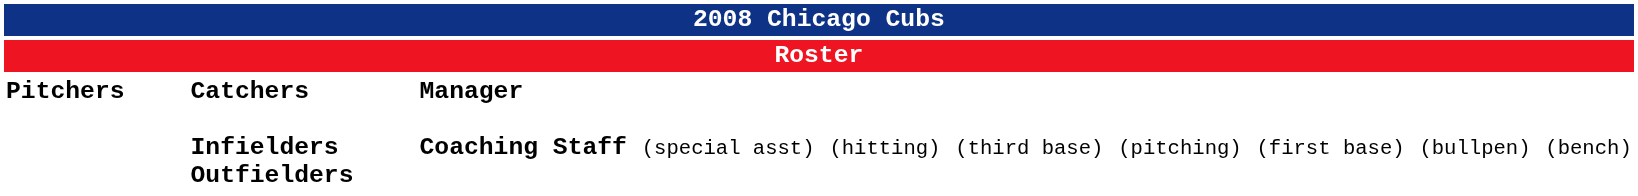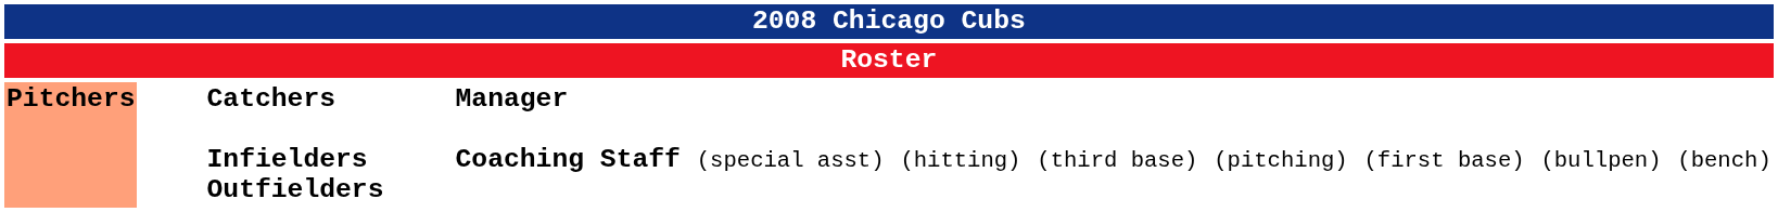 <table class="toccolours" style="font-size: 95%;">
 <tr>
 <th colspan="10" style="background-color: #0e3386; color: white; text-align: center;">2008 Chicago Cubs</th>
 </tr>
 <tr>
 <td colspan="10" style="background-color: #EE1422; color: white; text-align: center;"><strong>Roster</strong></td>
 </tr>
 <tr>
-<td valign="top"><strong>Pitchers</strong><br>                      </td>
+<td valign="top" style="background: lightsalmon;"><strong>Pitchers</strong><br>                      </td>
 <td width="25px"></td>
 <td valign="top"><strong>Catchers</strong><br>  <br><strong>Infielders</strong>        <br><strong>Outfielders</strong>        </td>
 <td width="25px"></td>
 <td valign="top"><strong>Manager</strong><br><br><strong>Coaching Staff</strong>  <small>(special asst)</small>  <small>(hitting)</small>  <small>(third base)</small>  <small>(pitching)</small>  <small>(first base)</small>  <small>(bullpen)</small>  <small>(bench)</small></td>
 </tr>
 </table>
